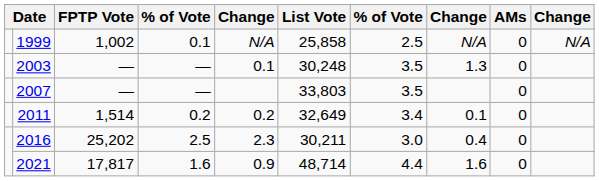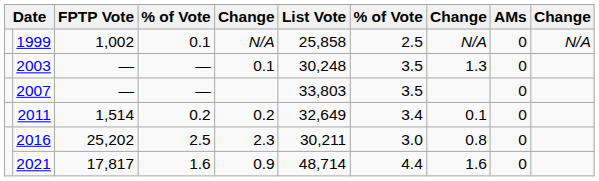 <table class="wikitable" style="text-align:right; font-size:95%;">
 <tr>
 <th colspan="2">Date</th>
 <th>FPTP Vote</th>
 <th>% of Vote</th>
 <th>Change</th>
 <th>List Vote</th>
 <th>% of Vote</th>
 <th>Change</th>
 <th>AMs</th>
 <th>Change</th>
 </tr>
 <tr>
 <td width="1" style="color:inherit;background:"></td>
 <td><a href='#'>1999</a></td>
 <td>1,002</td>
 <td>0.1</td>
 <td><em>N/A</em></td>
 <td>25,858</td>
 <td>2.5</td>
 <td><em>N/A</em></td>
 <td>0</td>
 <td><em>N/A</em></td>
 </tr>
 <tr>
 <td style="color:inherit;background:"></td>
 <td><a href='#'>2003</a></td>
 <td>—</td>
 <td>—</td>
 <td>0.1</td>
 <td>30,248</td>
 <td>3.5</td>
 <td>1.3</td>
 <td>0</td>
 <td></td>
 </tr>
 <tr>
 <td style="color:inherit;background:"></td>
 <td><a href='#'>2007</a></td>
 <td>—</td>
 <td>—</td>
 <td></td>
 <td>33,803</td>
 <td>3.5</td>
 <td></td>
 <td>0</td>
 <td></td>
 </tr>
 <tr>
 <td style="color:inherit;background:"></td>
 <td><a href='#'>2011</a></td>
 <td>1,514</td>
 <td>0.2</td>
 <td>0.2</td>
 <td>32,649</td>
 <td>3.4</td>
 <td>0.1</td>
 <td>0</td>
 <td></td>
 </tr>
 <tr>
 <td rowspan="2" style="color:inherit;background:"></td>
 <td><a href='#'>2016</a></td>
 <td>25,202</td>
 <td>2.5</td>
 <td>2.3</td>
 <td>30,211</td>
 <td>3.0</td>
-<td>0.4</td>
+<td>0.8</td>
 <td>0</td>
 <td></td>
 </tr>
 <tr>
 <td><a href='#'>2021</a></td>
 <td>17,817</td>
 <td>1.6</td>
 <td>0.9</td>
 <td>48,714</td>
 <td>4.4</td>
 <td>1.6</td>
 <td>0</td>
 <td></td>
 </tr>
 </table>
